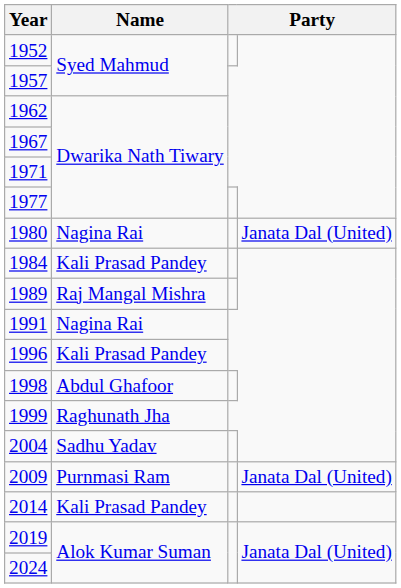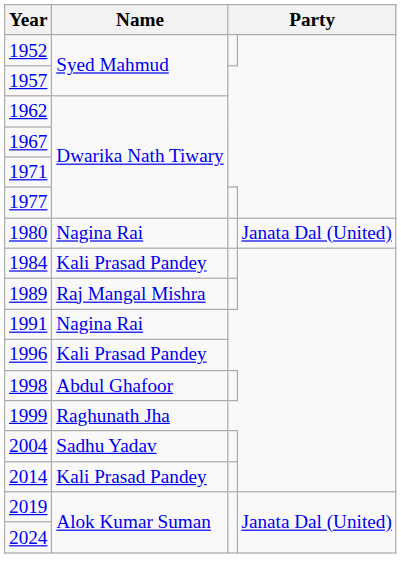 <table class="wikitable">
 <tr>
 <th>Year</th>
 <th>Name</th>
 <th colspan="2">Party</th>
 </tr>
 <tr>
 <td><a href='#'>1952</a></td>
 <td rowspan="2"><a href='#'>Syed Mahmud</a></td>
 <td></td>
 </tr>
 <tr>
 <td><a href='#'>1957</a></td>
 </tr>
 <tr>
 <td><a href='#'>1962</a></td>
 <td rowspan="4"><a href='#'>Dwarika Nath Tiwary</a></td>
 </tr>
 <tr>
 <td><a href='#'>1967</a></td>
 </tr>
 <tr>
 <td><a href='#'>1971</a></td>
 </tr>
 <tr>
 <td><a href='#'>1977</a></td>
 <td></td>
 </tr>
 <tr>
 <td><a href='#'>1980</a></td>
 <td><a href='#'>Nagina Rai</a></td>
 <td style="background-color: "></td>
 <td><a href='#'>Janata Dal (United)</a></td>
 </tr>
 <tr>
 <td><a href='#'>1984</a></td>
 <td><a href='#'>Kali Prasad Pandey</a></td>
 <td></td>
 </tr>
 <tr>
 <td><a href='#'>1989</a></td>
 <td><a href='#'>Raj Mangal Mishra</a></td>
 <td></td>
 </tr>
 <tr>
 <td><a href='#'>1991</a></td>
 <td><a href='#'>Nagina Rai</a></td>
 </tr>
 <tr>
 <td><a href='#'>1996</a></td>
 <td><a href='#'>Kali Prasad Pandey</a></td>
 </tr>
 <tr>
 <td><a href='#'>1998</a></td>
 <td><a href='#'>Abdul Ghafoor</a></td>
 <td></td>
 </tr>
 <tr>
 <td><a href='#'>1999</a></td>
 <td><a href='#'>Raghunath Jha</a></td>
 </tr>
 <tr>
 <td><a href='#'>2004</a></td>
 <td><a href='#'>Sadhu Yadav</a></td>
 <td></td>
 </tr>
 <tr>
-<td><a href='#'>2009</a></td>
-<td><a href='#'>Purnmasi Ram</a></td>
-<td style="background-color: "></td>
-<td><a href='#'>Janata Dal (United)</a></td>
-</tr>
-<tr>
 <td><a href='#'>2014</a></td>
 <td><a href='#'>Kali Prasad Pandey</a></td>
 <td></td>
 </tr>
 <tr>
 <td><a href='#'>2019</a></td>
 <td rowspan="2"><a href='#'>Alok Kumar Suman</a></td>
 <td rowspan=2 style="background-color: "></td>
 <td rowspan="2"><a href='#'>Janata Dal (United)</a></td>
 </tr>
 <tr>
 <td><a href='#'>2024</a></td>
 </tr>
 </table>
